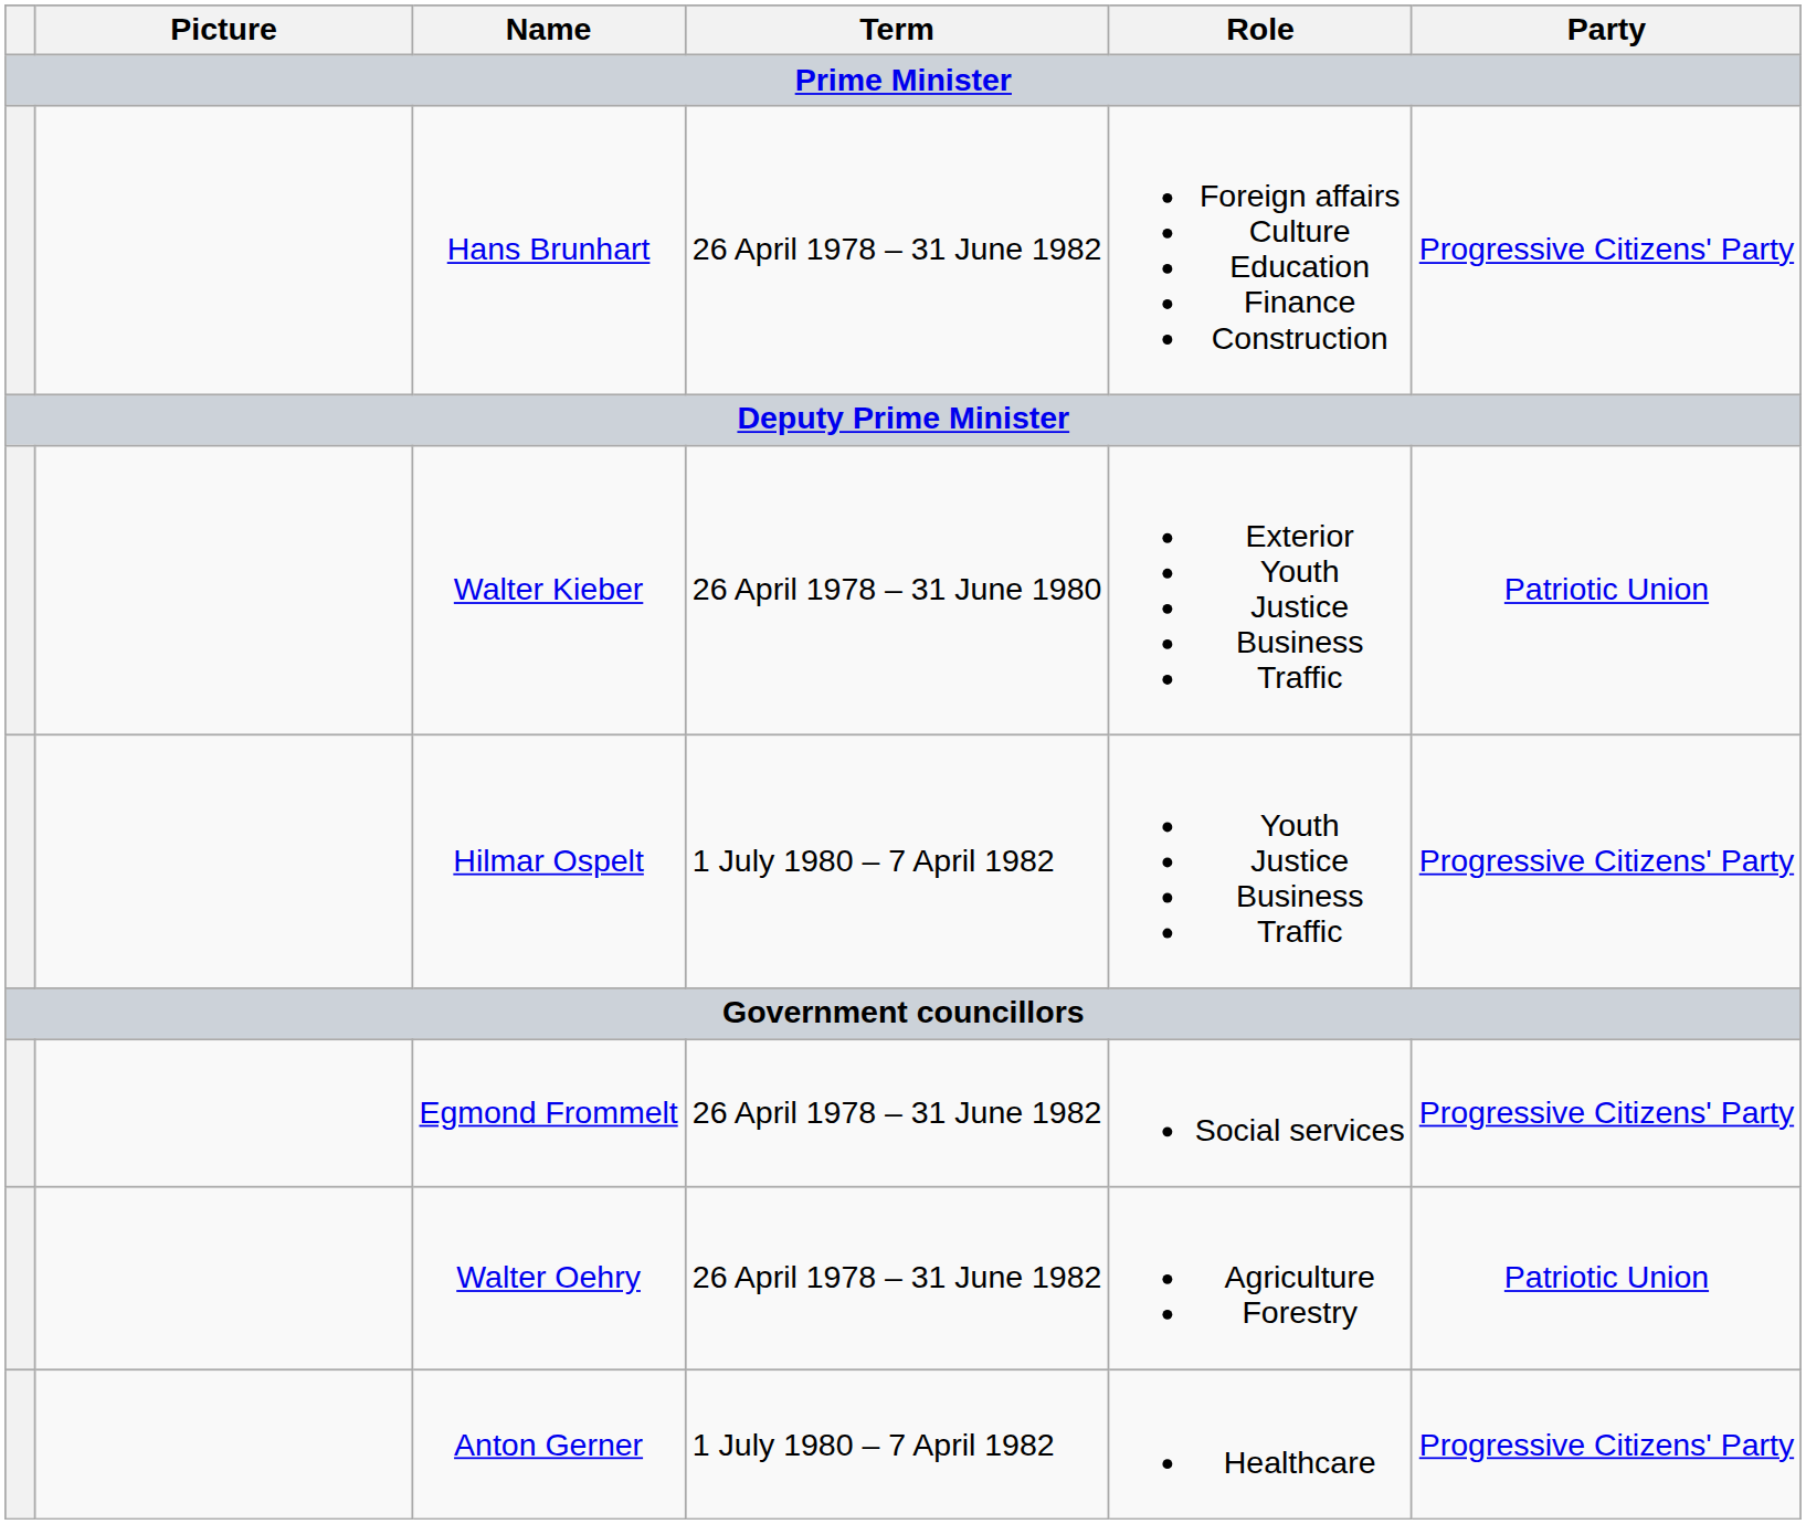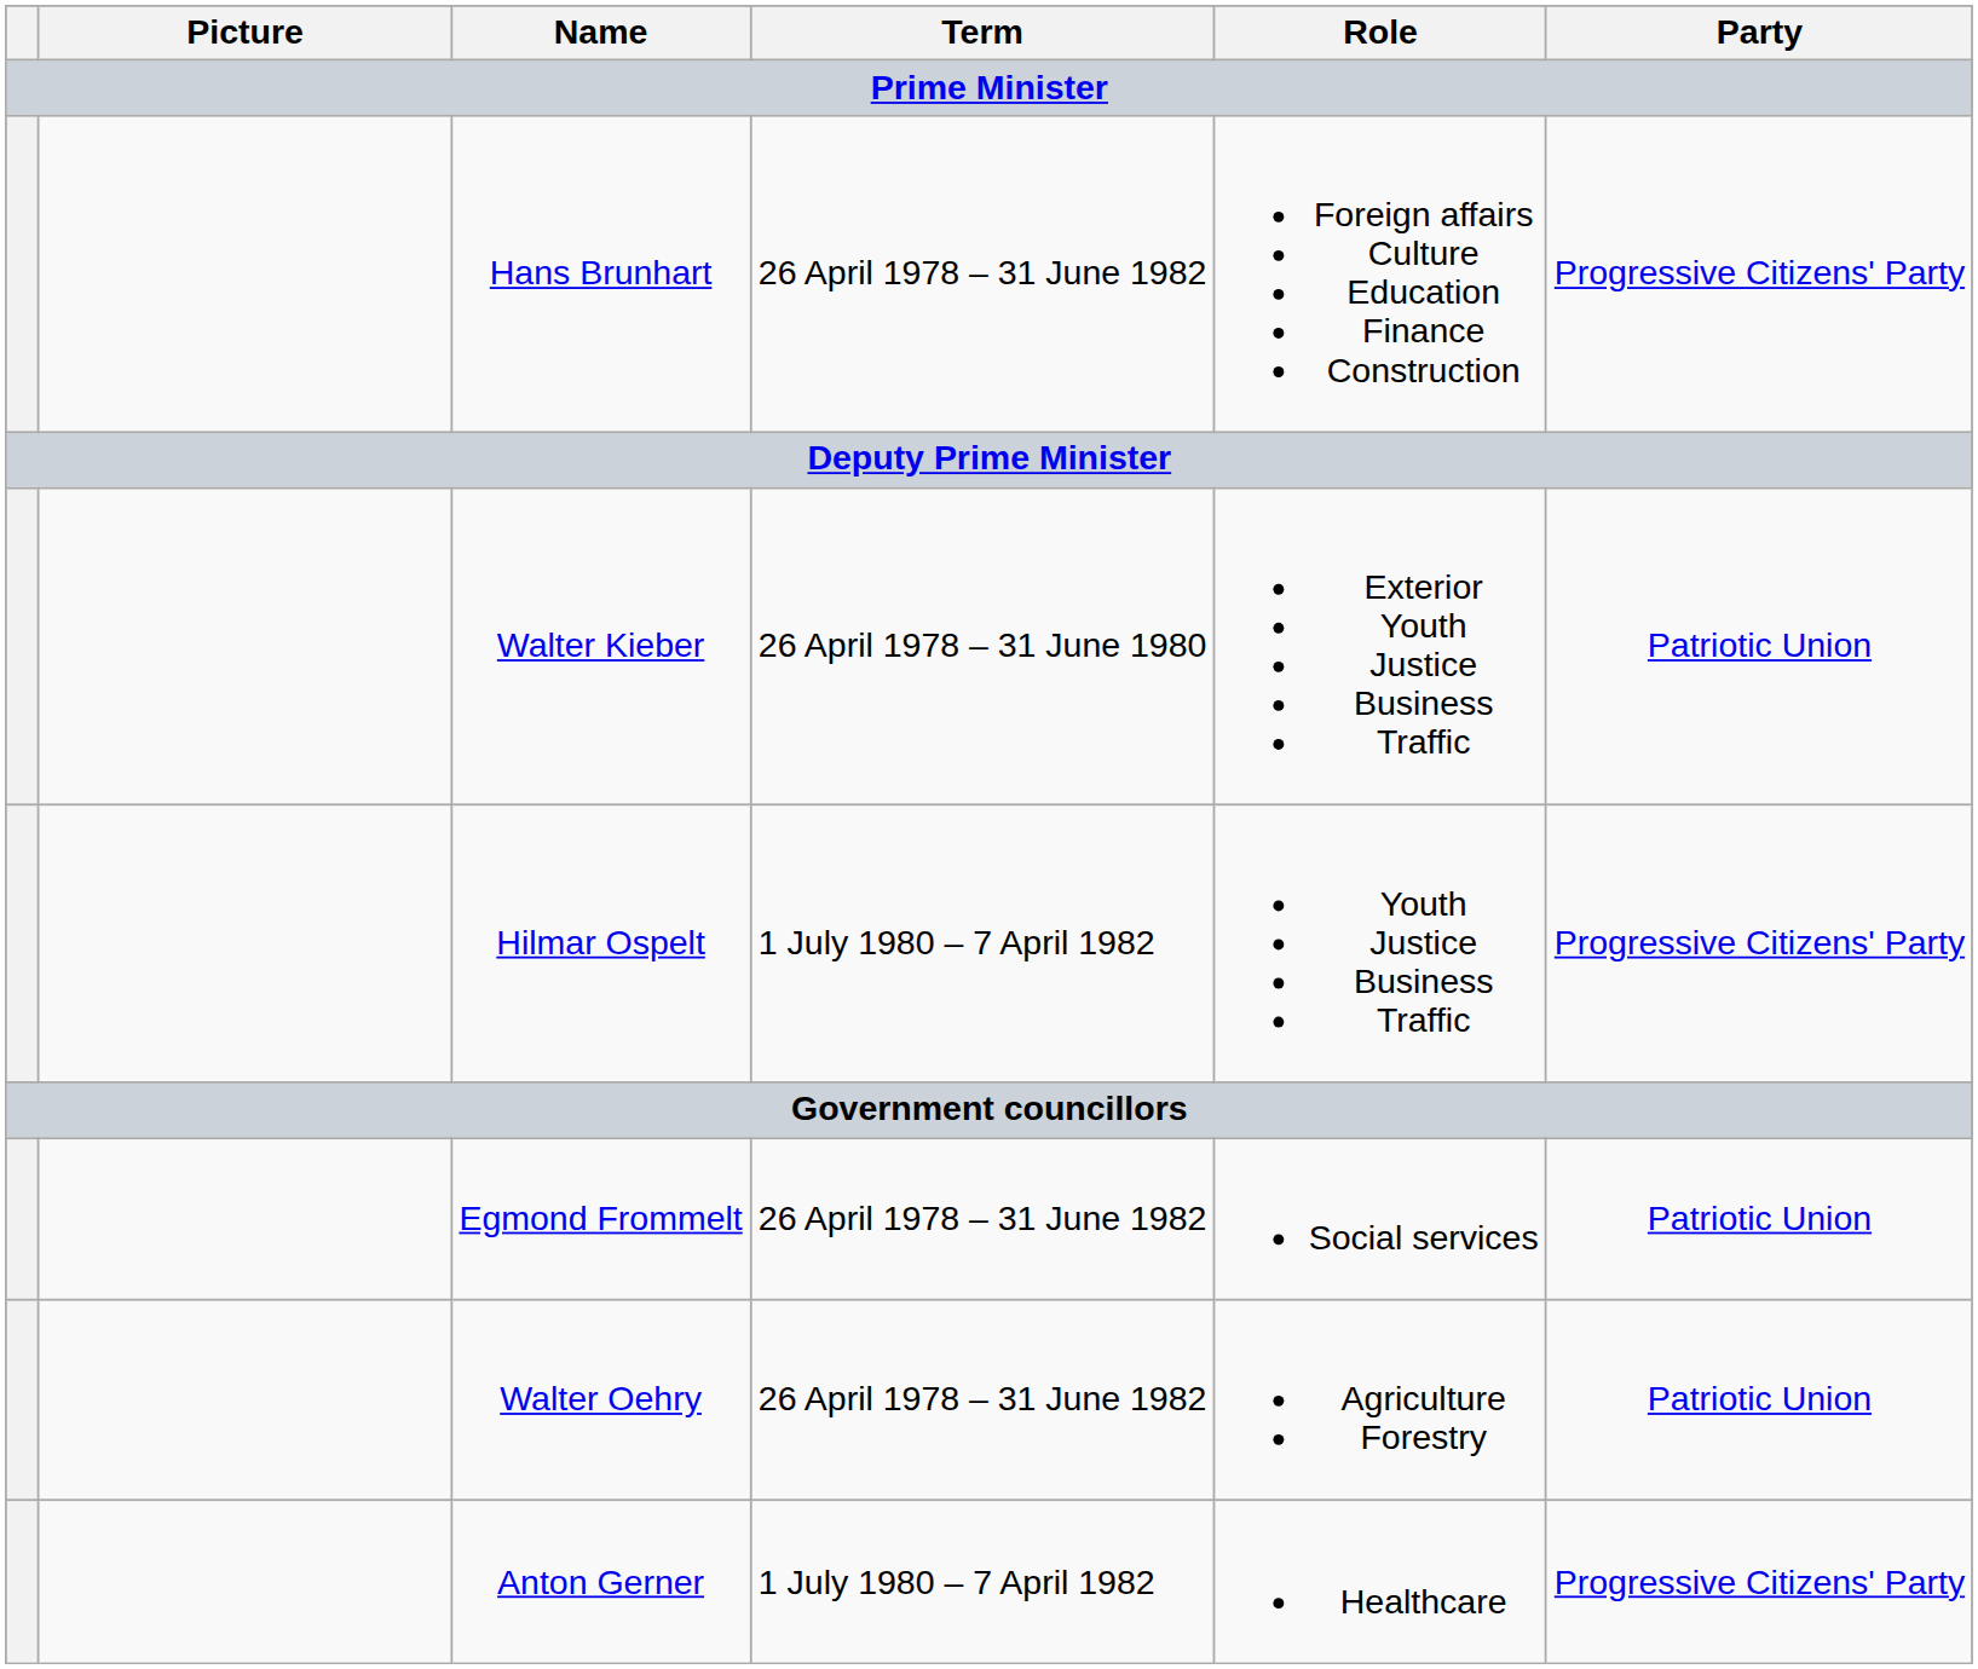 <table class="wikitable" style="text-align:center">
 <tr>
 <th style="width: 0.5em"></th>
 <th style="width: 11.5em">Picture</th>
 <th>Name</th>
 <th>Term</th>
 <th>Role</th>
 <th>Party</th>
 </tr>
 <tr>
 <th colspan="7" style="background:#CCD2D9"><a href='#'>Prime Minister</a></th>
 </tr>
 <tr>
 <th style="background:"></th>
 <td></td>
 <td><a href='#'>Hans Brunhart</a></td>
 <td style="text-align:left">26 April 1978 – 31 June 1982</td>
 <td><br><ul><li>Foreign affairs</li><li>Culture</li><li>Education</li><li>Finance</li><li>Construction</li></ul></td>
 <td><a href='#'>Progressive Citizens' Party</a></td>
 </tr>
 <tr>
 <th colspan="7" style="background:#CCD2D9"><a href='#'>Deputy Prime Minister</a></th>
 </tr>
 <tr>
 <th style="background:"></th>
 <td></td>
 <td><a href='#'>Walter Kieber</a></td>
 <td style="text-align:left">26 April 1978 – 31 June 1980</td>
 <td><br><ul><li>Exterior</li><li>Youth</li><li>Justice</li><li>Business</li><li>Traffic</li></ul></td>
 <td><a href='#'>Patriotic Union</a></td>
 </tr>
 <tr>
 <th style="background:"></th>
 <td></td>
 <td><a href='#'>Hilmar Ospelt</a></td>
 <td style="text-align:left">1 July 1980 – 7 April 1982</td>
 <td><br><ul><li>Youth</li><li>Justice</li><li>Business</li><li>Traffic</li></ul></td>
 <td><a href='#'>Progressive Citizens' Party</a></td>
 </tr>
 <tr>
 <th colspan="7" style="background:#CCD2D9">Government councillors</th>
 </tr>
 <tr>
 <th style="background:"></th>
 <td></td>
 <td><a href='#'>Egmond Frommelt</a></td>
 <td style="text-align:left">26 April 1978 – 31 June 1982</td>
 <td><br><ul><li>Social services</li></ul></td>
-<td><a href='#'>Progressive Citizens' Party</a></td>
+<td><a href='#'>Patriotic Union</a></td>
 </tr>
 <tr>
 <th style="background:"></th>
 <td></td>
 <td><a href='#'>Walter Oehry</a></td>
 <td>26 April 1978 – 31 June 1982</td>
 <td><br><ul><li>Agriculture</li><li>Forestry</li></ul></td>
 <td><a href='#'>Patriotic Union</a></td>
 </tr>
 <tr>
 <th style="background:"></th>
 <td></td>
 <td><a href='#'>Anton Gerner</a></td>
 <td style="text-align:left">1 July 1980 – 7 April 1982</td>
 <td><br><ul><li>Healthcare</li></ul></td>
 <td><a href='#'>Progressive Citizens' Party</a></td>
 </tr>
 </table>
